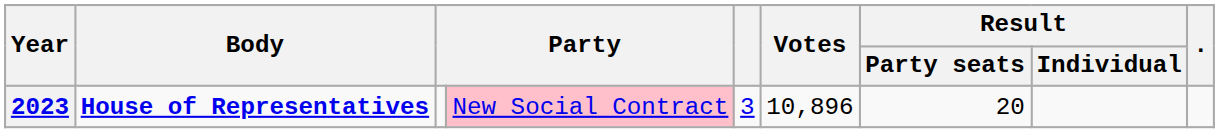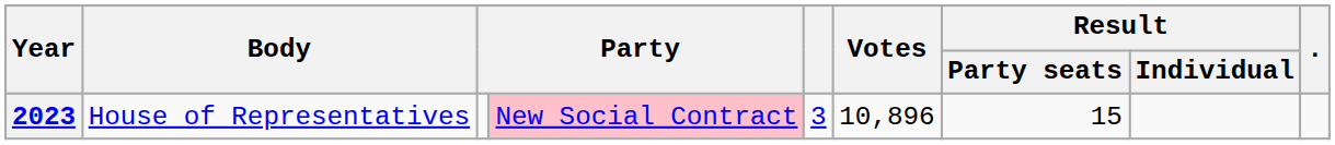 <table class="wikitable plainrowheaders sortable" border=2 cellpadding=4 cellspacing=0 style="border: 1px #aaa solid; font-size: 90%; text-align:center;">
 <tr>
 <th scope="col" rowspan=2>Year</th>
 <th scope="col" rowspan=2>Body</th>
 <th scope="col" colspan=2 rowspan=2>Party</th>
 <th scope="col" rowspan=2></th>
 <th scope="col" rowspan=2>Votes</th>
 <th scope="colgroup" colspan=2>Result</th>
 <th scope="col" rowspan=2 class="unsortable">.</th>
 </tr>
 <tr>
 <th scope="col">Party seats</th>
 <th scope="col">Individual</th>
 </tr>
 <tr>
 <th scope="row"><a href='#'>2023</a></th>
-<td><strong><a href='#'>House of Representatives</a></strong></td>
+<td><a href='#'>House of Representatives</a></td>
 <td style="background-color:"></td>
 <td style="background: pink;"><a href='#'>New Social Contract</a></td>
 <td style=text-align:right><a href='#'>3</a></td>
 <td style=text-align:right>10,896</td>
-<td style=text-align:right>20</td>
+<td style=text-align:right>15</td>
 <td></td>
 <td></td>
 </tr>
 </table>
